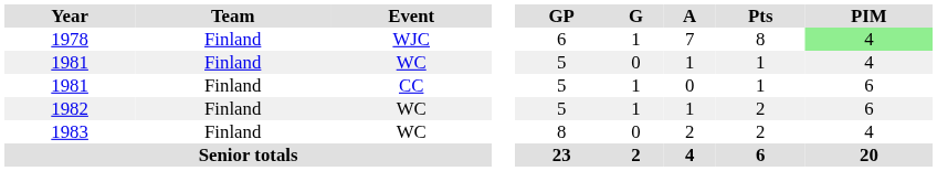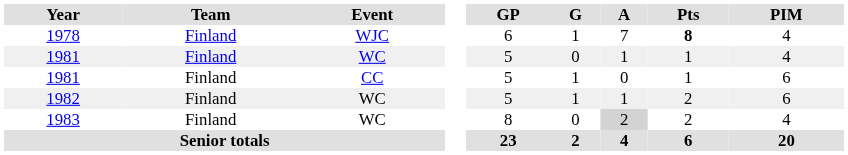 <table border="0" cellpadding="1" cellspacing="0" style="text-align:center; width:50em">
 <tr ALIGN="center" bgcolor="#e0e0e0">
 <th>Year</th>
 <th>Team</th>
 <th>Event</th>
 <th rowspan="99" bgcolor="#ffffff"> </th>
 <th>GP</th>
 <th>G</th>
 <th>A</th>
 <th>Pts</th>
 <th>PIM</th>
 </tr>
 <tr>
 <td><a href='#'>1978</a></td>
 <td><a href='#'>Finland</a></td>
 <td><a href='#'>WJC</a></td>
 <td>6</td>
 <td>1</td>
 <td>7</td>
-<td>8</td>
-<td style="background: lightgreen;">4</td>
+<td><strong>8</strong></td>
+<td>4</td>
 </tr>
 <tr bgcolor="#f0f0f0">
 <td><a href='#'>1981</a></td>
 <td><a href='#'>Finland</a></td>
 <td><a href='#'>WC</a></td>
 <td>5</td>
 <td>0</td>
 <td>1</td>
 <td>1</td>
 <td>4</td>
 </tr>
 <tr>
 <td><a href='#'>1981</a></td>
 <td>Finland</td>
 <td><a href='#'>CC</a></td>
 <td>5</td>
 <td>1</td>
 <td>0</td>
 <td>1</td>
 <td>6</td>
 </tr>
 <tr bgcolor="#f0f0f0">
 <td><a href='#'>1982</a></td>
 <td>Finland</td>
 <td>WC</td>
 <td>5</td>
 <td>1</td>
 <td>1</td>
 <td>2</td>
 <td>6</td>
 </tr>
 <tr>
 <td><a href='#'>1983</a></td>
 <td>Finland</td>
 <td>WC</td>
 <td>8</td>
 <td>0</td>
-<td>2</td>
+<td style="background: lightgrey;">2</td>
 <td>2</td>
 <td>4</td>
 </tr>
 <tr bgcolor="#e0e0e0">
 <th colspan=3>Senior totals</th>
 <th>23</th>
 <th>2</th>
 <th>4</th>
 <th>6</th>
 <th>20</th>
 </tr>
 </table>
